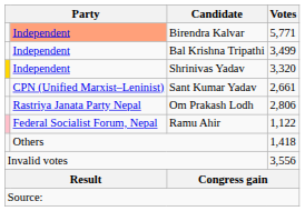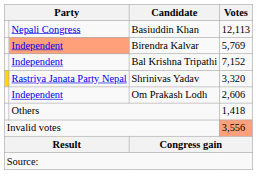 <table class="wikitable">
 <tr>
 <th colspan="2">Party</th>
 <th>Candidate</th>
 <th>Votes</th>
 </tr>
 <tr>
 <td style="background-color:"></td>
+<td><a href='#'>Nepali Congress</a></td>
+<td>Basiuddin Khan</td>
+<td>12,113</td>
+</tr>
+<tr>
+<td style="background-color:"></td>
 <td style="background: lightsalmon;"><a href='#'>Independent</a></td>
 <td>Birendra Kalvar</td>
-<td>5,771</td>
+<td>5,769</td>
 </tr>
 <tr>
 <td style="background-color:"></td>
 <td><a href='#'>Independent</a></td>
 <td>Bal Krishna Tripathi</td>
-<td>3,499</td>
+<td>7,152</td>
 </tr>
 <tr>
 <td style="background-color:gold"></td>
-<td><a href='#'>Independent</a></td>
+<td><a href='#'>Rastriya Janata Party Nepal</a></td>
 <td>Shrinivas Yadav</td>
 <td>3,320</td>
 </tr>
 <tr>
 <td style="background-color:"></td>
-<td><a href='#'>CPN (Unified Marxist–Leninist)</a></td>
-<td>Sant Kumar Yadav</td>
-<td>2,661</td>
-</tr>
-<tr>
-<td style="background-color:"></td>
-<td><a href='#'>Rastriya Janata Party Nepal</a></td>
+<td><a href='#'>Independent</a></td>
 <td>Om Prakash Lodh</td>
-<td>2,806</td>
-</tr>
-<tr>
-<td style="background-color:pink"></td>
-<td><a href='#'>Federal Socialist Forum, Nepal</a></td>
-<td>Ramu Ahir</td>
-<td>1,122</td>
+<td>2,606</td>
 </tr>
 <tr>
 <td></td>
 <td colspan="2">Others</td>
 <td>1,418</td>
 </tr>
 <tr>
 <td colspan="3">Invalid votes</td>
-<td>3,556</td>
+<td style="background: lightsalmon;">3,556</td>
 </tr>
 <tr>
 <th colspan="2">Result</th>
 <th colspan="2">Congress gain</th>
 </tr>
 <tr>
 <td colspan="4">Source: </td>
 </tr>
 </table>
